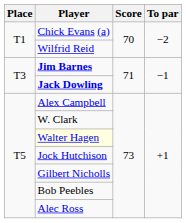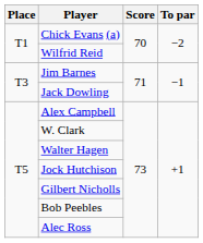 <table class=wikitable>
 <tr>
 <th>Place</th>
 <th>Player</th>
 <th>Score</th>
 <th>To par</th>
 </tr>
 <tr>
 <td rowspan=2 align=center>T1</td>
 <td> <a href='#'>Chick Evans</a> <a href='#'>(a)</a></td>
 <td rowspan=2 align=center>70</td>
 <td rowspan=2 align=center>−2</td>
 </tr>
 <tr>
 <td> <a href='#'>Wilfrid Reid</a></td>
 </tr>
 <tr>
 <td rowspan=2 align=center>T3</td>
-<td><strong> <a href='#'>Jim Barnes</a></strong></td>
+<td> <a href='#'>Jim Barnes</a></td>
 <td rowspan=2 align=center>71</td>
 <td rowspan=2 align=center>−1</td>
 </tr>
 <tr>
-<td><strong> <a href='#'>Jack Dowling</a></strong></td>
+<td> <a href='#'>Jack Dowling</a></td>
 </tr>
 <tr>
 <td rowspan=7 align=center>T5</td>
 <td> <a href='#'>Alex Campbell</a></td>
 <td rowspan=7 align=center>73</td>
 <td rowspan=7 align=center>+1</td>
 </tr>
 <tr>
 <td>W. Clark</td>
 </tr>
 <tr>
-<td style="background: lightyellow;"> <a href='#'>Walter Hagen</a></td>
+<td> <a href='#'>Walter Hagen</a></td>
 </tr>
 <tr>
 <td> <a href='#'>Jock Hutchison</a></td>
 </tr>
 <tr>
 <td> <a href='#'>Gilbert Nicholls</a></td>
 </tr>
 <tr>
 <td>Bob Peebles</td>
 </tr>
 <tr>
 <td> <a href='#'>Alec Ross</a></td>
 </tr>
 </table>
